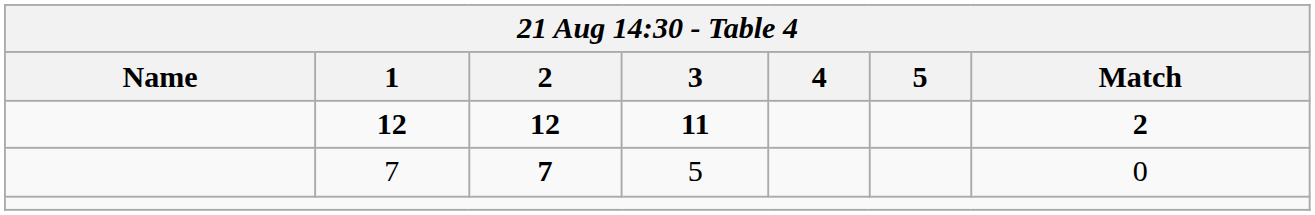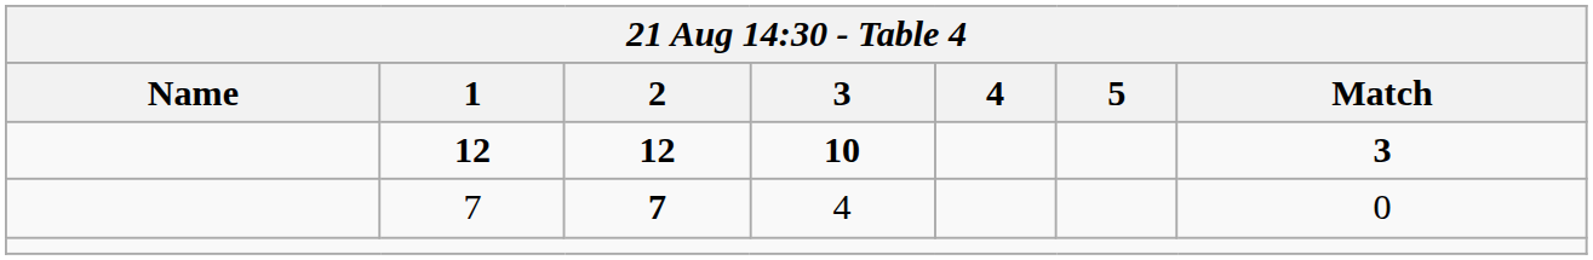 <table class=wikitable style="text-align:center; width: 55%">
 <tr>
 <th colspan=17><em>21 Aug 14:30 - Table 4</em></th>
 </tr>
 <tr>
 <th>Name</th>
 <th>1</th>
 <th>2</th>
 <th>3</th>
 <th>4</th>
 <th>5</th>
 <th>Match</th>
 </tr>
 <tr>
 <td style="text-align:left;"><strong></strong></td>
 <td><strong>12</strong></td>
 <td><strong>12</strong></td>
-<td><strong>11</strong></td>
+<td><strong>10</strong></td>
 <td></td>
 <td></td>
-<td><strong>2</strong></td>
+<td><strong>3</strong></td>
 </tr>
 <tr>
 <td style="text-align:left;"></td>
 <td>7</td>
 <td><strong>7</strong></td>
-<td>5</td>
+<td>4</td>
 <td></td>
 <td></td>
 <td>0</td>
 </tr>
 <tr>
 <td colspan=17></td>
 </tr>
 </table>
